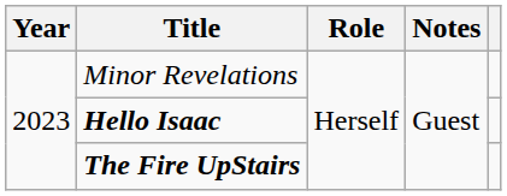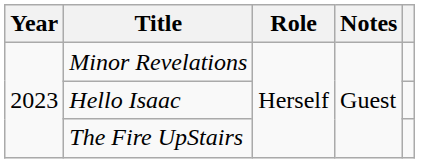 <table class="wikitable plainrowheaders" style="text-align:left;">
 <tr>
 <th>Year</th>
 <th>Title</th>
 <th>Role</th>
 <th>Notes</th>
 <th></th>
 </tr>
 <tr>
 <td rowspan="3">2023</td>
 <td><em>Minor Revelations</em><br></td>
 <td rowspan="3">Herself</td>
 <td rowspan="3">Guest</td>
 <td></td>
 </tr>
 <tr>
-<td><strong><em>Hello Isaac</em><br></strong></td>
+<td><em>Hello Isaac</em><br></td>
 <td></td>
 </tr>
 <tr>
-<td><strong><em>The Fire UpStairs</em></strong></td>
+<td><em>The Fire UpStairs</em></td>
 <td></td>
 </tr>
 </table>
